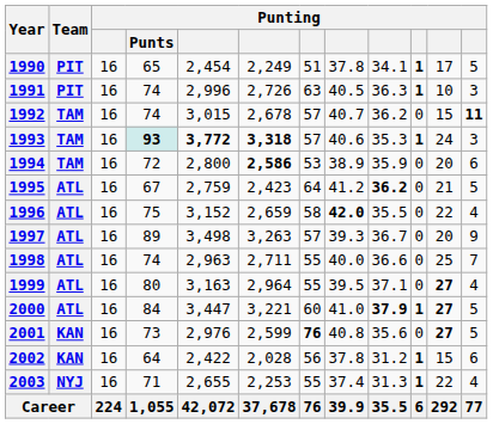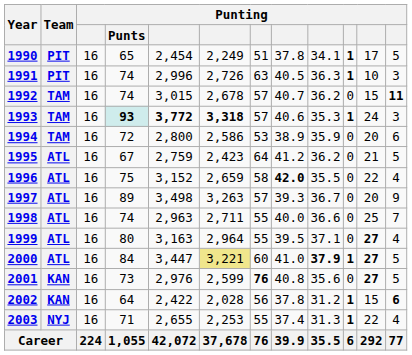 <table class=wikitable style="text-align:center;">
 <tr>
 <th rowspan="2">Year</th>
 <th rowspan="2">Team</th>
 <th colspan="10">Punting</th>
 </tr>
 <tr>
 <th></th>
 <th>Punts</th>
 <th></th>
 <th></th>
 <th></th>
 <th></th>
 <th></th>
 <th></th>
 <th></th>
 <th></th>
 </tr>
 <tr>
 <th><a href='#'>1990</a></th>
 <th><a href='#'>PIT</a></th>
 <td>16</td>
 <td>65</td>
 <td>2,454</td>
 <td>2,249</td>
 <td>51</td>
 <td>37.8</td>
 <td>34.1</td>
 <td><strong>1</strong></td>
 <td>17</td>
 <td>5</td>
 </tr>
 <tr>
 <th><a href='#'>1991</a></th>
 <th><a href='#'>PIT</a></th>
 <td>16</td>
 <td>74</td>
 <td>2,996</td>
 <td>2,726</td>
 <td>63</td>
 <td>40.5</td>
 <td>36.3</td>
 <td><strong>1</strong></td>
 <td>10</td>
 <td>3</td>
 </tr>
 <tr>
 <th><a href='#'>1992</a></th>
 <th><a href='#'>TAM</a></th>
 <td>16</td>
 <td>74</td>
 <td>3,015</td>
 <td>2,678</td>
 <td>57</td>
 <td>40.7</td>
 <td>36.2</td>
 <td>0</td>
 <td>15</td>
 <td><strong>11</strong></td>
 </tr>
 <tr>
 <th><a href='#'>1993</a></th>
 <th><a href='#'>TAM</a></th>
 <td>16</td>
 <td style="background:#cfecec; width:3em;"><strong>93</strong></td>
 <td><strong>3,772</strong></td>
 <td><strong>3,318</strong></td>
 <td>57</td>
 <td>40.6</td>
 <td>35.3</td>
 <td><strong>1</strong></td>
 <td>24</td>
 <td>3</td>
 </tr>
 <tr>
 <th><a href='#'>1994</a></th>
 <th><a href='#'>TAM</a></th>
 <td>16</td>
 <td>72</td>
 <td>2,800</td>
-<td><strong>2,586</strong></td>
+<td>2,586</td>
 <td>53</td>
 <td>38.9</td>
 <td>35.9</td>
 <td>0</td>
 <td>20</td>
 <td>6</td>
 </tr>
 <tr>
 <th><a href='#'>1995</a></th>
 <th><a href='#'>ATL</a></th>
 <td>16</td>
 <td>67</td>
 <td>2,759</td>
 <td>2,423</td>
 <td>64</td>
 <td>41.2</td>
-<td><strong>36.2</strong></td>
+<td>36.2</td>
 <td>0</td>
 <td>21</td>
 <td>5</td>
 </tr>
 <tr>
 <th><a href='#'>1996</a></th>
 <th><a href='#'>ATL</a></th>
 <td>16</td>
 <td>75</td>
 <td>3,152</td>
 <td>2,659</td>
 <td>58</td>
 <td><strong>42.0</strong></td>
 <td>35.5</td>
 <td>0</td>
 <td>22</td>
 <td>4</td>
 </tr>
 <tr>
 <th><a href='#'>1997</a></th>
 <th><a href='#'>ATL</a></th>
 <td>16</td>
 <td>89</td>
 <td>3,498</td>
 <td>3,263</td>
 <td>57</td>
 <td>39.3</td>
 <td>36.7</td>
 <td>0</td>
 <td>20</td>
 <td>9</td>
 </tr>
 <tr>
 <th><a href='#'>1998</a></th>
 <th><a href='#'>ATL</a></th>
 <td>16</td>
 <td>74</td>
 <td>2,963</td>
 <td>2,711</td>
 <td>55</td>
 <td>40.0</td>
 <td>36.6</td>
 <td>0</td>
 <td>25</td>
 <td>7</td>
 </tr>
 <tr>
 <th><a href='#'>1999</a></th>
 <th><a href='#'>ATL</a></th>
 <td>16</td>
 <td>80</td>
 <td>3,163</td>
 <td>2,964</td>
 <td>55</td>
 <td>39.5</td>
 <td>37.1</td>
 <td>0</td>
 <td><strong>27</strong></td>
 <td>4</td>
 </tr>
 <tr>
 <th><a href='#'>2000</a></th>
 <th><a href='#'>ATL</a></th>
 <td>16</td>
 <td>84</td>
 <td>3,447</td>
-<td>3,221</td>
+<td style="background: khaki;">3,221</td>
 <td>60</td>
 <td>41.0</td>
 <td><strong>37.9</strong></td>
 <td><strong>1</strong></td>
 <td><strong>27</strong></td>
 <td>5</td>
 </tr>
 <tr>
 <th><a href='#'>2001</a></th>
 <th><a href='#'>KAN</a></th>
 <td>16</td>
 <td>73</td>
 <td>2,976</td>
 <td>2,599</td>
 <td><strong>76</strong></td>
 <td>40.8</td>
 <td>35.6</td>
 <td>0</td>
 <td><strong>27</strong></td>
 <td>5</td>
 </tr>
 <tr>
 <th><a href='#'>2002</a></th>
 <th><a href='#'>KAN</a></th>
 <td>16</td>
 <td>64</td>
 <td>2,422</td>
 <td>2,028</td>
 <td>56</td>
 <td>37.8</td>
 <td>31.2</td>
 <td><strong>1</strong></td>
 <td>15</td>
-<td>6</td>
+<td><strong>6</strong></td>
 </tr>
 <tr>
 <th><a href='#'>2003</a></th>
 <th><a href='#'>NYJ</a></th>
 <td>16</td>
 <td>71</td>
 <td>2,655</td>
 <td>2,253</td>
 <td>55</td>
 <td>37.4</td>
 <td>31.3</td>
 <td><strong>1</strong></td>
 <td>22</td>
 <td>4</td>
 </tr>
 <tr>
 <th colspan="2">Career</th>
 <th>224</th>
 <th>1,055</th>
 <th>42,072</th>
 <th>37,678</th>
 <th>76</th>
 <th>39.9</th>
 <th>35.5</th>
 <th>6</th>
 <th>292</th>
 <th>77</th>
 </tr>
 </table>
